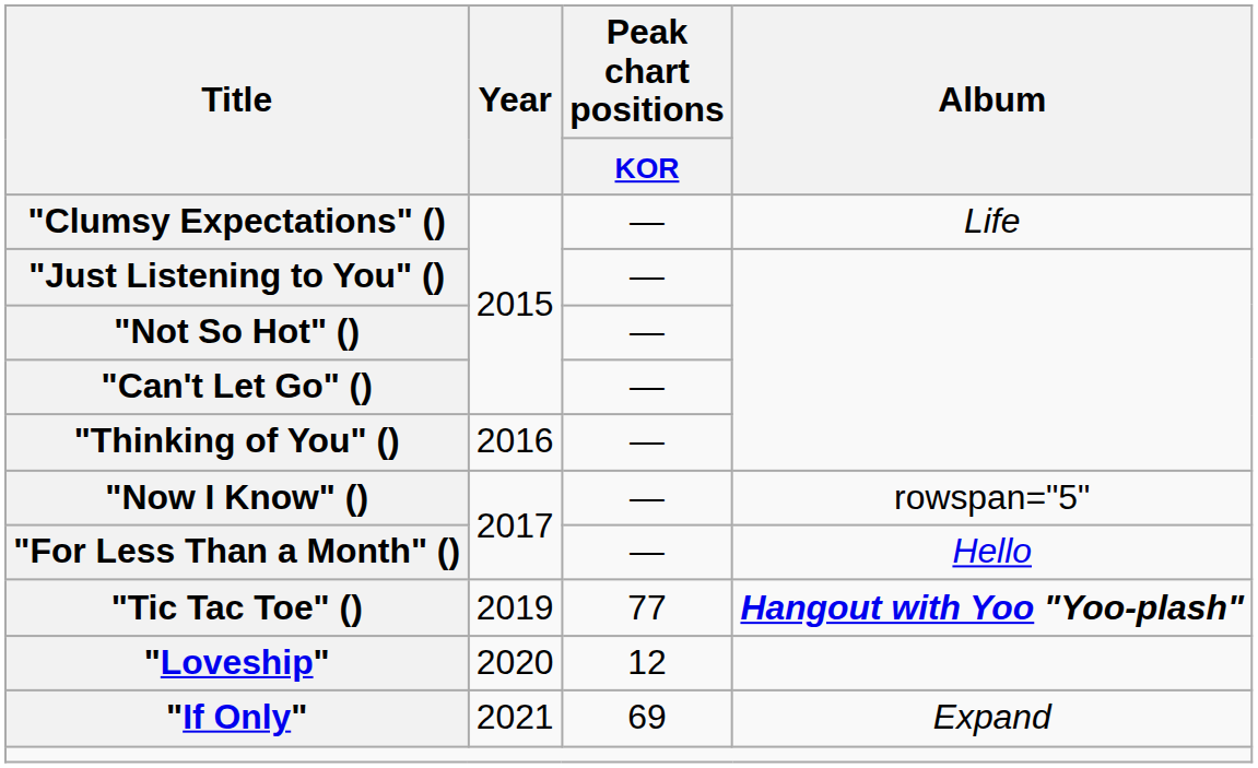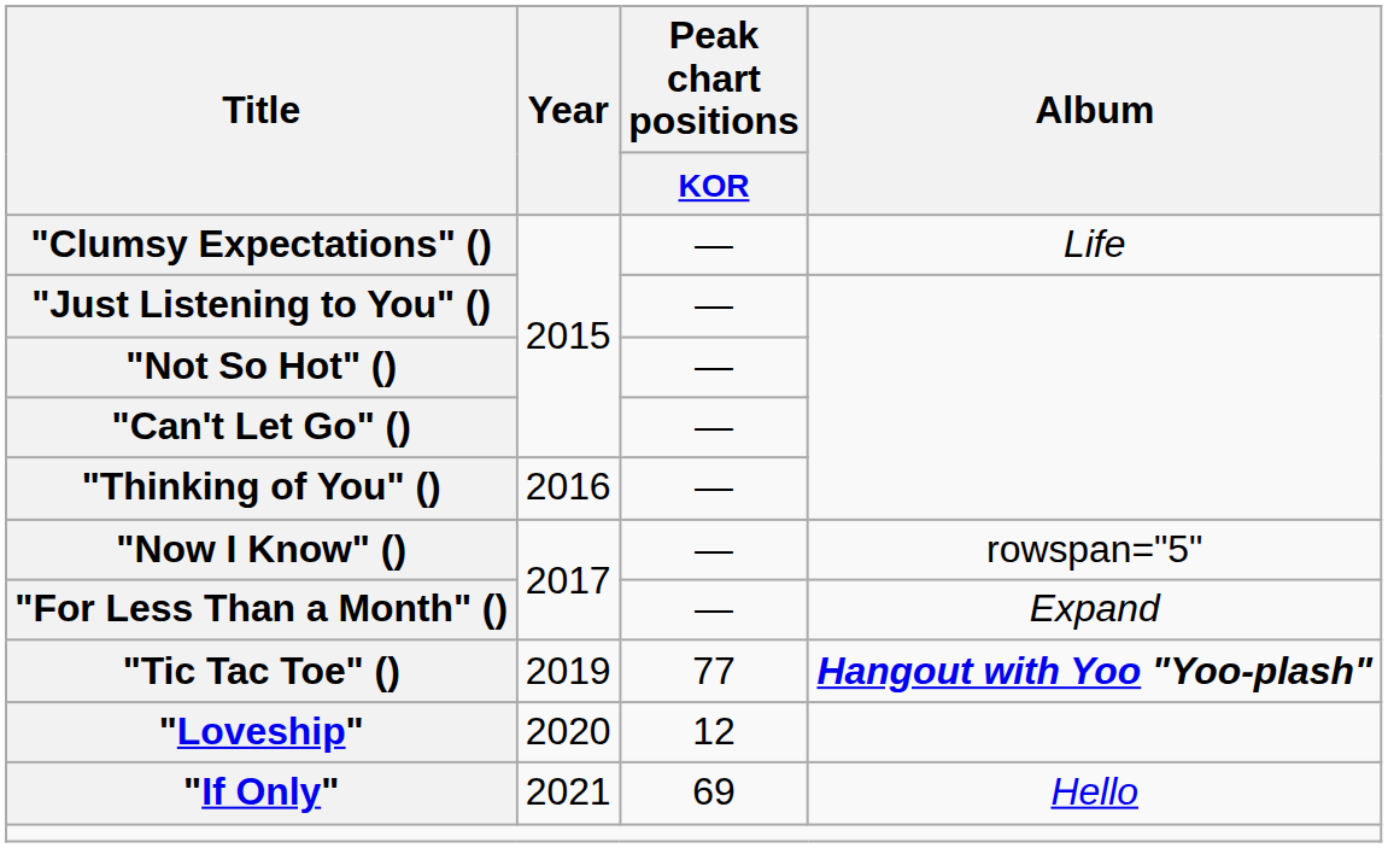 <table class="wikitable plainrowheaders" style="text-align:center;">
 <tr>
 <th scope="col" rowspan="2">Title</th>
 <th scope="col" rowspan="2">Year</th>
 <th scope="col" colspan="1">Peak<br>chart<br>positions</th>
 <th scope="col" rowspan="2">Album</th>
 </tr>
 <tr>
 <th><small><a href='#'>KOR</a><br></small></th>
 </tr>
 <tr>
 <th scope="row">"Clumsy Expectations" ()<br></th>
 <td rowspan="4">2015</td>
 <td>—</td>
 <td><em>Life</em></td>
 </tr>
 <tr>
 <th scope="row">"Just Listening to You" ()<br></th>
 <td>—</td>
 </tr>
 <tr>
 <th scope="row">"Not So Hot" ()<br></th>
 <td>—</td>
 </tr>
 <tr>
 <th scope="row">"Can't Let Go" ()<br></th>
 <td>—</td>
 </tr>
 <tr>
 <th scope="row">"Thinking of You" ()<br></th>
 <td>2016</td>
 <td>—</td>
 </tr>
 <tr>
 <th scope="row">"Now I Know" ()<br></th>
 <td rowspan="2">2017</td>
 <td>—</td>
 <td>rowspan="5" </td>
 </tr>
 <tr>
 <th scope="row">"For Less Than a Month" ()<br></th>
 <td>—</td>
-<td><em><a href='#'>Hello</a></em></td>
+<td><em>Expand</em></td>
 </tr>
 <tr>
 <th scope="row">"Tic Tac Toe" ()<br></th>
 <td>2019</td>
 <td>77</td>
 <td><strong><em><a href='#'>Hangout with Yoo</a> "Yoo-plash"</em></strong></td>
 </tr>
 <tr>
 <th scope="row">"<a href='#'>Loveship</a>"<br></th>
 <td>2020</td>
 <td>12</td>
 <td></td>
 </tr>
 <tr>
 <th scope="row">"<a href='#'>If Only</a>"<br></th>
 <td>2021</td>
 <td>69</td>
-<td><em>Expand</em></td>
+<td><em><a href='#'>Hello</a></em></td>
 </tr>
 <tr>
 <td colspan="4"></td>
 </tr>
 </table>
